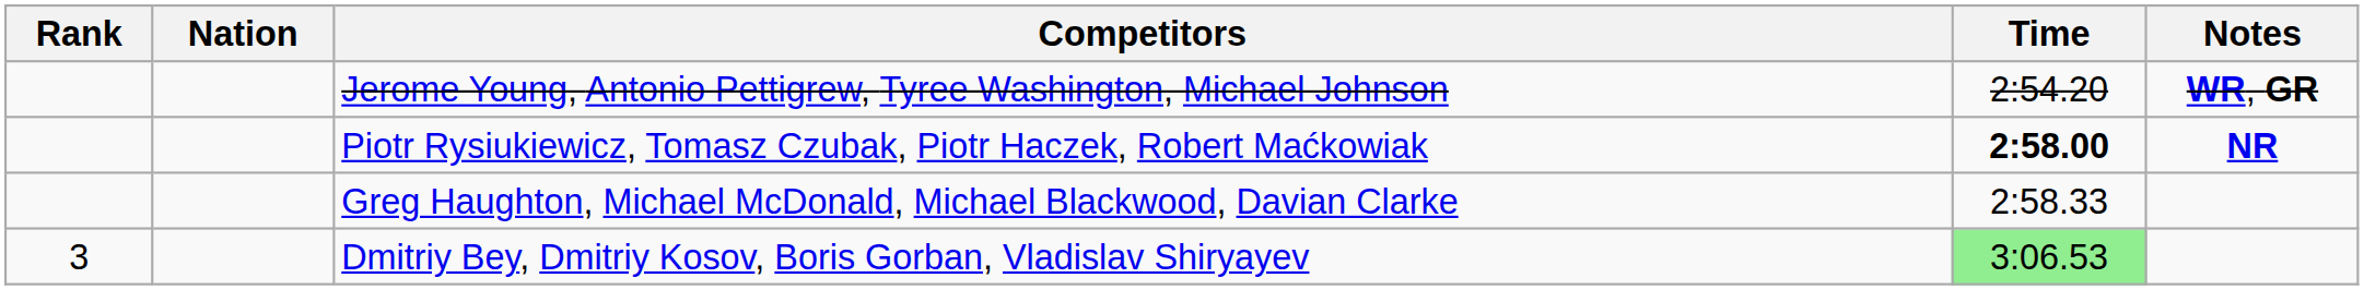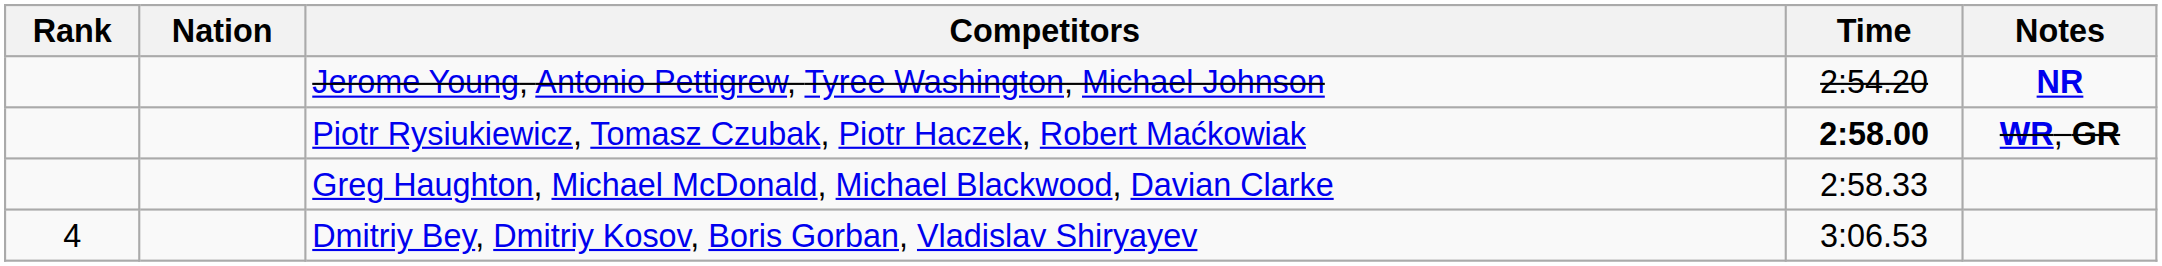 <table class="wikitable sortable" width=80% style="text-align:center; font-size:95%">
 <tr>
 <th>Rank</th>
 <th>Nation</th>
 <th>Competitors</th>
 <th>Time</th>
 <th>Notes</th>
 </tr>
 <tr>
 <td></td>
 <td align=left><s></s></td>
 <td align=left><s><a href='#'>Jerome Young</a>, <a href='#'>Antonio Pettigrew</a>, <a href='#'>Tyree Washington</a>, <a href='#'>Michael Johnson</a></s></td>
 <td><s>2:54.20 </s></td>
-<td><s><strong><a href='#'>WR</a></strong>, <strong>GR</strong></s></td>
+<td><strong><a href='#'>NR</a></strong></td>
 </tr>
 <tr>
 <td></td>
 <td align=left></td>
 <td align=left><a href='#'>Piotr Rysiukiewicz</a>, <a href='#'>Tomasz Czubak</a>, <a href='#'>Piotr Haczek</a>, <a href='#'>Robert Maćkowiak</a></td>
 <td><strong>2:58.00</strong></td>
-<td><strong><a href='#'>NR</a></strong></td>
+<td><s><strong><a href='#'>WR</a></strong>, <strong>GR</strong></s></td>
 </tr>
 <tr>
 <td></td>
 <td align=left></td>
 <td align=left><a href='#'>Greg Haughton</a>, <a href='#'>Michael McDonald</a>, <a href='#'>Michael Blackwood</a>, <a href='#'>Davian Clarke</a></td>
 <td>2:58.33</td>
 <td></td>
 </tr>
 <tr>
-<td>3</td>
+<td>4</td>
 <td align=left></td>
 <td align=left><a href='#'>Dmitriy Bey</a>, <a href='#'>Dmitriy Kosov</a>, <a href='#'>Boris Gorban</a>, <a href='#'>Vladislav Shiryayev</a></td>
-<td style="background: lightgreen;">3:06.53</td>
+<td>3:06.53</td>
 <td></td>
 </tr>
 </table>
